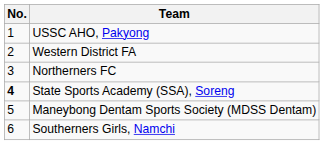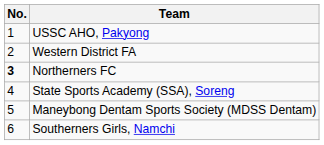 <table class="wikitable">
 <tr>
 <th>No.</th>
 <th>Team</th>
 </tr>
 <tr>
 <td>1</td>
 <td>USSC AHO, <a href='#'>Pakyong</a></td>
 </tr>
 <tr>
 <td>2</td>
 <td>Western District FA</td>
 </tr>
 <tr>
-<td>3</td>
+<td><strong>3</strong></td>
 <td>Northerners FC</td>
 </tr>
 <tr>
-<td><strong>4</strong></td>
+<td>4</td>
 <td>State Sports Academy (SSA), <a href='#'>Soreng</a></td>
 </tr>
 <tr>
 <td>5</td>
 <td>Maneybong Dentam Sports Society (MDSS Dentam)</td>
 </tr>
 <tr>
 <td>6</td>
 <td>Southerners Girls, <a href='#'>Namchi</a></td>
 </tr>
 </table>
